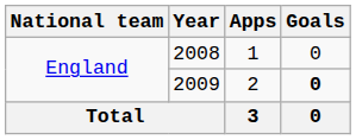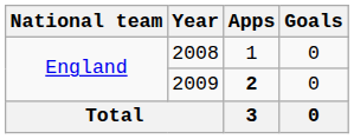 <table class=wikitable style=text-align:center>
 <tr>
 <th>National team</th>
 <th>Year</th>
 <th>Apps</th>
 <th>Goals</th>
 </tr>
 <tr>
 <td rowspan=2><a href='#'>England</a></td>
 <td>2008</td>
 <td>1</td>
 <td>0</td>
 </tr>
 <tr>
 <td>2009</td>
-<td>2</td>
-<td><strong>0</strong></td>
+<td><strong>2</strong></td>
+<td>0</td>
 </tr>
 <tr>
 <th colspan=2>Total</th>
 <th>3</th>
 <th>0</th>
 </tr>
 </table>
